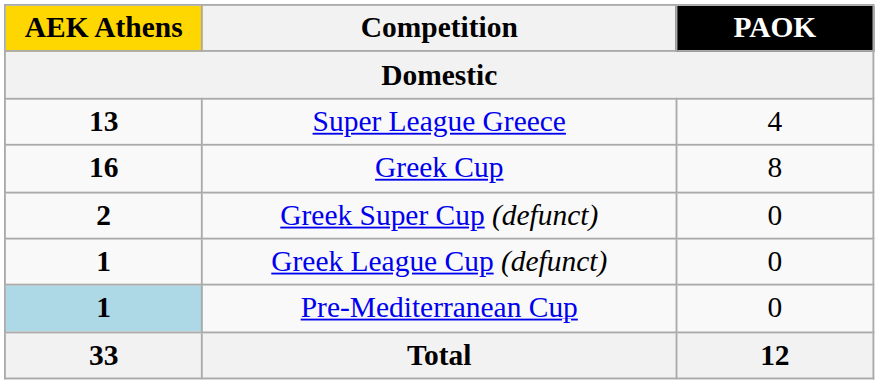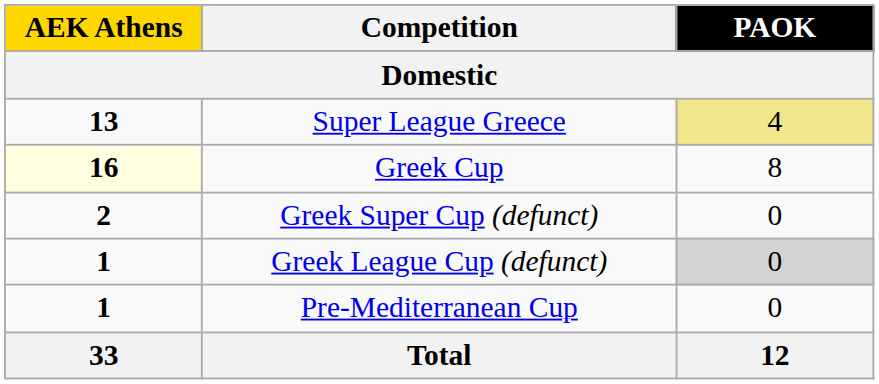 <table class="wikitable" style="text-align:center;font-size:100%">
 <tr>
 <th width="100" style="color:black;background:#ffd700">AEK Athens</th>
 <th width="250">Competition</th>
 <th width="100" style="color:white;background:#000000">PAOK</th>
 </tr>
 <tr>
 <th colspan="4">Domestic</th>
 </tr>
 <tr>
 <td><strong>13</strong></td>
 <td><a href='#'>Super League Greece</a></td>
-<td>4</td>
+<td style="background: khaki;">4</td>
 </tr>
 <tr>
-<td><strong>16</strong></td>
+<td style="background: lightyellow;"><strong>16</strong></td>
 <td><a href='#'>Greek Cup</a></td>
 <td>8</td>
 </tr>
 <tr>
 <td><strong>2</strong></td>
 <td><a href='#'>Greek Super Cup</a> <em>(defunct)</em></td>
 <td>0</td>
 </tr>
 <tr>
 <td><strong>1</strong></td>
 <td><a href='#'>Greek League Cup</a> <em>(defunct)</em></td>
-<td>0</td>
+<td style="background: lightgrey;">0</td>
 </tr>
 <tr>
-<td style="background: lightblue;"><strong>1</strong></td>
+<td><strong>1</strong></td>
 <td><a href='#'>Pre-Mediterranean Cup</a></td>
 <td>0</td>
 </tr>
 <tr>
 <th>33</th>
 <th>Total</th>
 <th>12</th>
 </tr>
 </table>
